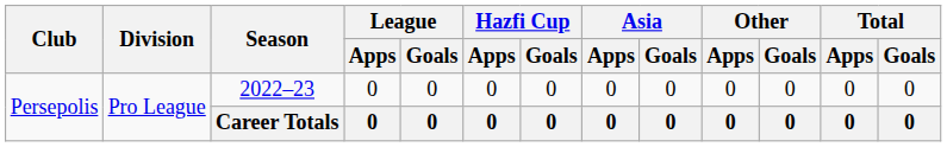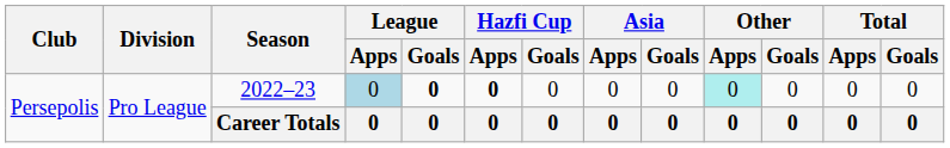 <table class="wikitable" style="text-align: center;">
 <tr>
 <th rowspan="2">Club</th>
 <th rowspan="2">Division</th>
 <th rowspan="2">Season</th>
 <th colspan="2">League</th>
 <th colspan="2"><a href='#'>Hazfi Cup</a></th>
 <th colspan="2"><a href='#'>Asia</a></th>
 <th colspan="2">Other</th>
 <th colspan="2">Total</th>
 </tr>
 <tr>
 <th>Apps</th>
 <th>Goals</th>
 <th>Apps</th>
 <th>Goals</th>
 <th>Apps</th>
 <th>Goals</th>
 <th>Apps</th>
 <th>Goals</th>
 <th>Apps</th>
 <th>Goals</th>
 </tr>
 <tr>
 <td rowspan="4"><a href='#'>Persepolis</a></td>
 <td rowspan="3"><a href='#'>Pro League</a></td>
 <td><a href='#'>2022–23</a></td>
+<td style="background: lightblue;">0</td>
+<td><strong>0</strong></td>
+<td><strong>0</strong></td>
 <td>0</td>
 <td>0</td>
 <td>0</td>
-<td>0</td>
-<td>0</td>
-<td>0</td>
-<td>0</td>
+<td style="background: paleturquoise;">0</td>
 <td>0</td>
 <td>0</td>
 <td>0</td>
 </tr>
 <tr>
 <th colspan="1">Career Totals</th>
 <th>0</th>
 <th>0</th>
 <th>0</th>
 <th>0</th>
 <th>0</th>
 <th>0</th>
 <th>0</th>
 <th>0</th>
 <th>0</th>
 <th>0</th>
 </tr>
 </table>
